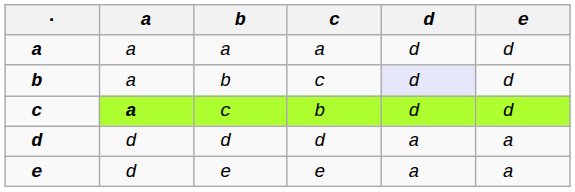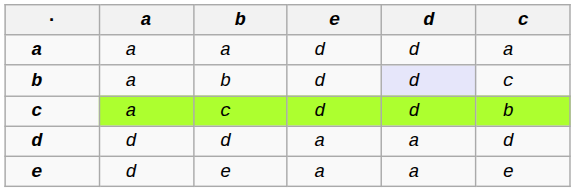 <table class="wikitable" border="1" width="20%" style="margin:1em auto;">
 <tr>
 <th>·</th>
 <th><em>a</em></th>
 <th><em>b</em></th>
+<th><em>e</em></th>
+<th><em>d</em></th>
 <th><em>c</em></th>
-<th><em>d</em></th>
-<th><em>e</em></th>
 </tr>
 <tr>
 <td>  <strong> <em>a</em> </strong></td>
 <td>  <em>a</em></td>
 <td>  <em>a</em></td>
-<td>  <em>a</em></td>
 <td>  <em>d</em></td>
 <td>  <em>d</em></td>
+<td>  <em>a</em></td>
 </tr>
 <tr>
 <td>  <strong> <em>b</em> </strong></td>
 <td>  <em>a</em></td>
 <td>  <em>b</em></td>
+<td>  <em>d</em></td>
+<td style="background: lavender;">  <em>d</em></td>
 <td>  <em>c</em></td>
-<td style="background: lavender;">  <em>d</em></td>
-<td>  <em>d</em></td>
 </tr>
 <tr>
 <td>  <strong> <em>c</em> </strong></td>
-<td style="background:#ADFF2F"><strong>  <em>a</em></strong></td>
+<td style="background:#ADFF2F">  <em>a</em></td>
 <td style="background:#ADFF2F">  <em>c</em></td>
-<td style="background:#ADFF2F">  <em>b</em></td>
 <td style="background:#ADFF2F">  <em>d</em></td>
 <td style="background:#ADFF2F">  <em>d</em></td>
+<td style="background:#ADFF2F">  <em>b</em></td>
 </tr>
 <tr>
 <td>  <strong> <em>d</em> </strong></td>
 <td>  <em>d</em></td>
 <td>  <em>d</em></td>
-<td>  <em>d</em></td>
 <td>  <em>a</em></td>
 <td>  <em>a</em></td>
+<td>  <em>d</em></td>
 </tr>
 <tr>
 <td>  <strong> <em>e</em> </strong></td>
 <td>  <em>d</em></td>
 <td>  <em>e</em></td>
-<td>  <em>e</em></td>
 <td>  <em>a</em></td>
 <td>  <em>a</em></td>
+<td>  <em>e</em></td>
 </tr>
 </table>
